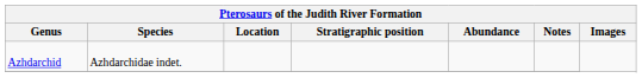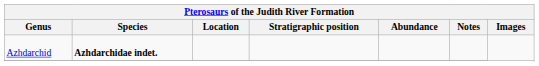 <table class="wikitable" align="center" width="100%">
 <tr>
 <th colspan="8" align="center"><strong><a href='#'>Pterosaurs</a> of the Judith River Formation</strong></th>
 </tr>
 <tr>
 <th>Genus</th>
 <th>Species</th>
 <th>Location</th>
 <th>Stratigraphic position</th>
 <th>Abundance</th>
 <th>Notes</th>
 <th>Images</th>
 </tr>
 <tr>
 <td><br><a href='#'>Azhdarchid</a></td>
-<td><br>Azhdarchidae indet.</td>
+<td><strong><br>Azhdarchidae indet.</strong></td>
 <td></td>
 <td></td>
 <td></td>
 <td></td>
 <td rowspan="20"></td>
 </tr>
 <tr>
 </tr>
 </table>
